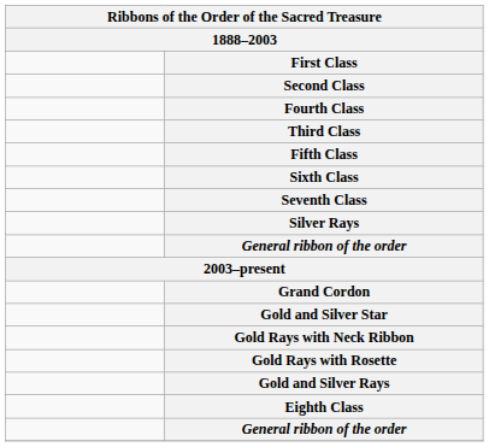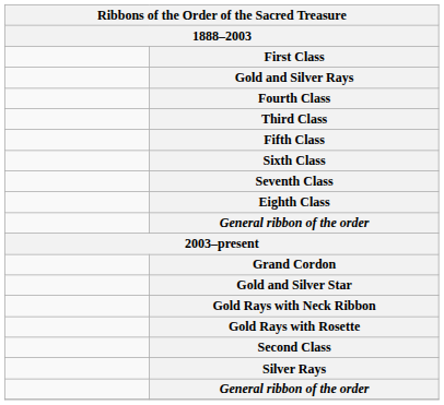 <table align=center class=wikitable width=60%>
 <tr>
 <th colspan=2>Ribbons of the Order of the Sacred Treasure</th>
 </tr>
 <tr>
 <th colspan=2>1888–2003</th>
 </tr>
 <tr>
 <td width=25% valign=center align=center></td>
 <th width=50%>First Class</th>
 </tr>
 <tr>
 <td width=25% valign=center align=center></td>
-<th width=50%>Second Class</th>
+<th width=50%>Gold and Silver Rays</th>
 </tr>
 <tr>
 <td width=25% valign=center align=center></td>
 <th width=50%>Fourth Class</th>
 </tr>
 <tr>
 <td width=25% valign=center align=center></td>
 <th width=50%>Third Class</th>
 </tr>
 <tr>
 <td width=25% valign=center align=center></td>
 <th width=50%>Fifth Class</th>
 </tr>
 <tr>
 <td width=25% valign=center align=center></td>
 <th width=50%>Sixth Class</th>
 </tr>
 <tr>
 <td width=25% valign=center align=center></td>
 <th width=50%>Seventh Class</th>
 </tr>
 <tr>
 <td width=25% valign=center align=center></td>
-<th width=50%>Silver Rays</th>
+<th width=50%>Eighth Class</th>
 </tr>
 <tr>
 <td width=25% valign=center align=center></td>
 <th width=50%><em>General ribbon of the order</em></th>
 </tr>
 <tr>
 <th colspan=2>2003–present</th>
 </tr>
 <tr>
 <td width=25% valign=center align=center></td>
 <th width=50%>Grand Cordon</th>
 </tr>
 <tr>
 <td width=25% valign=center align=center></td>
 <th width=50%>Gold and Silver Star</th>
 </tr>
 <tr>
 <td width=25% valign=center align=center></td>
 <th width=50%>Gold Rays with Neck Ribbon</th>
 </tr>
 <tr>
 <td width=25% valign=center align=center></td>
 <th width=50%>Gold Rays with Rosette</th>
 </tr>
 <tr>
 <td width=25% valign=center align=center></td>
-<th width=50%>Gold and Silver Rays</th>
+<th width=50%>Second Class</th>
 </tr>
 <tr>
 <td width=25% valign=center align=center></td>
-<th width=50%>Eighth Class</th>
+<th width=50%>Silver Rays</th>
 </tr>
 <tr>
 <td width=25% valign=center align=center></td>
 <th width=50%><em>General ribbon of the order</em></th>
 </tr>
 <tr>
 </tr>
 </table>
